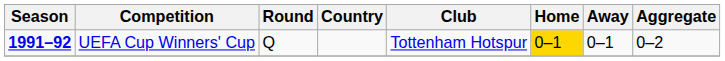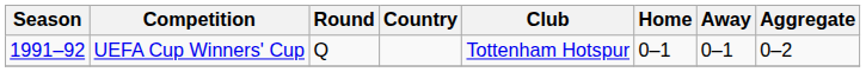 <table class="wikitable">
 <tr>
 <th>Season</th>
 <th>Competition</th>
 <th>Round</th>
 <th>Country</th>
 <th>Club</th>
 <th>Home</th>
 <th>Away</th>
 <th>Aggregate</th>
 </tr>
 <tr>
-<td><strong><a href='#'>1991–92</a></strong></td>
+<td><a href='#'>1991–92</a></td>
 <td><a href='#'>UEFA Cup Winners' Cup</a></td>
 <td>Q</td>
 <td></td>
 <td><a href='#'>Tottenham Hotspur</a></td>
-<td style="background: gold;">0–1</td>
+<td>0–1</td>
 <td>0–1</td>
 <td>0–2</td>
 </tr>
 <tr>
 </tr>
 </table>
